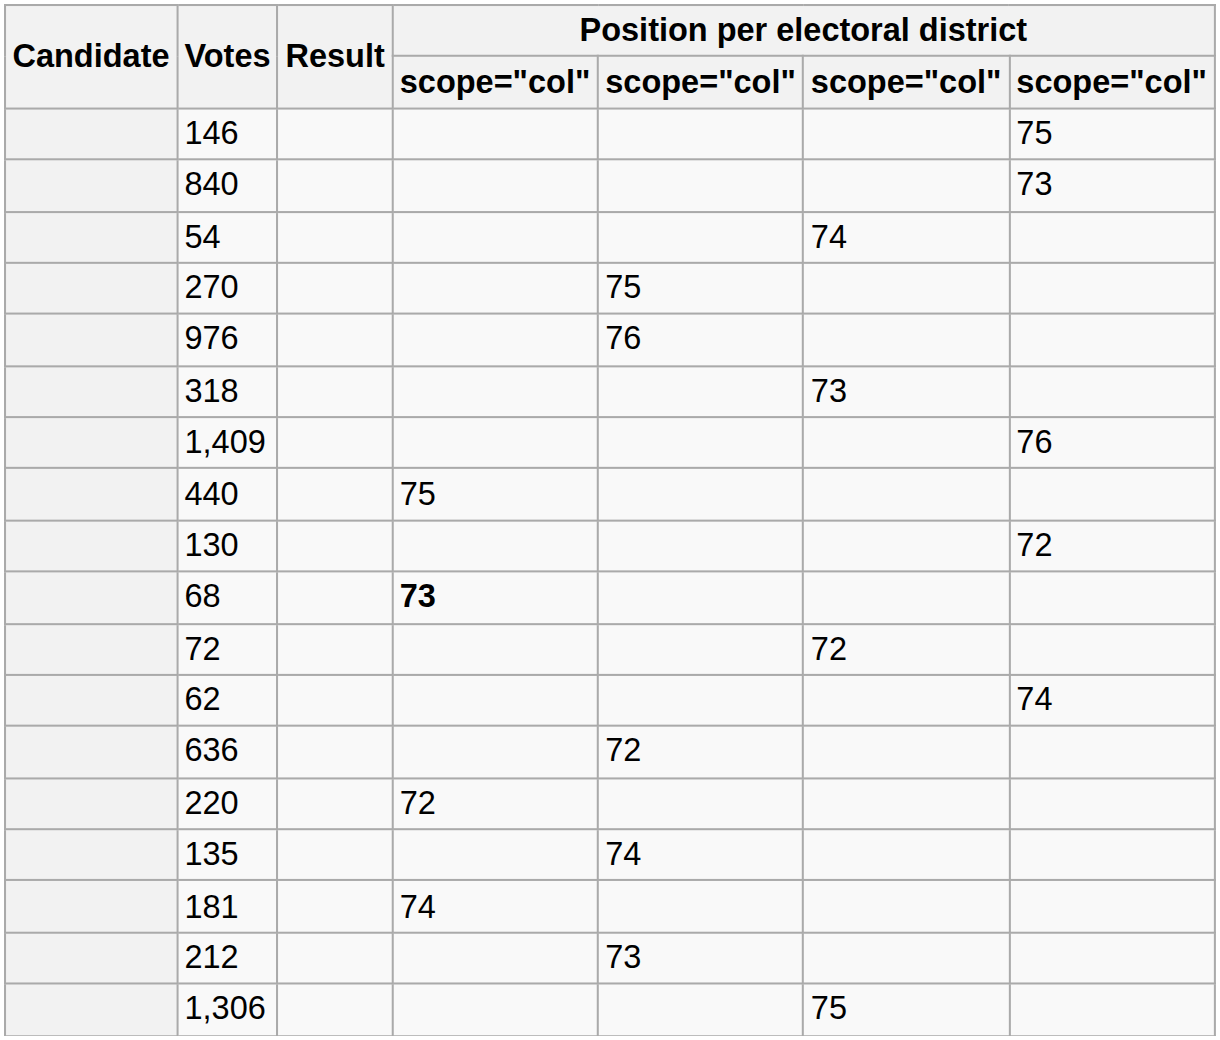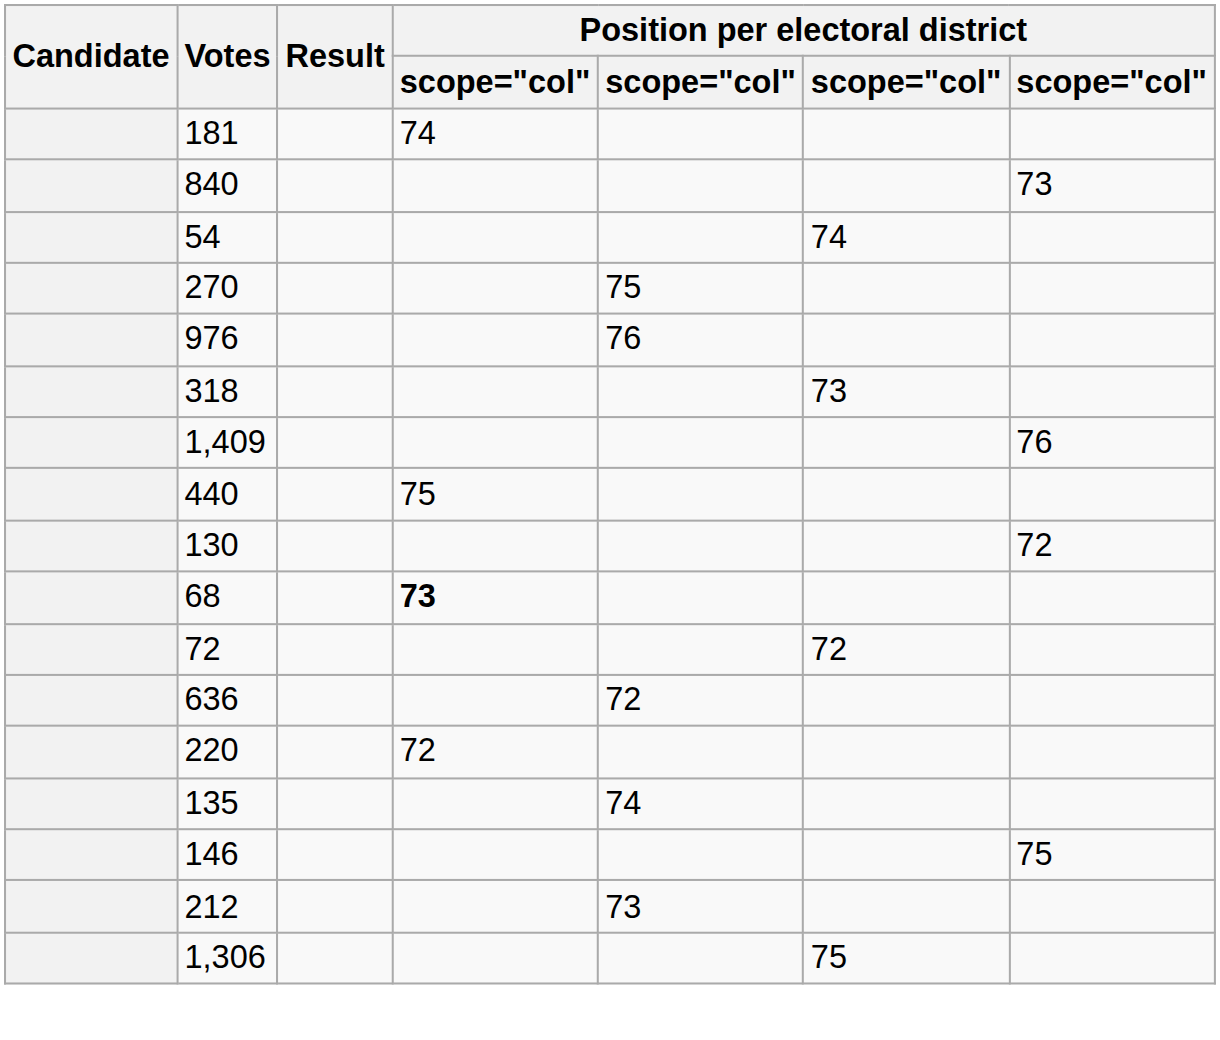 <table class="wikitable sortable defaultright col3left">
 <tr>
 <th scope="col" rowspan="2">Candidate</th>
 <th scope="col" rowspan="2">Votes</th>
 <th scope="col" rowspan="2">Result</th>
 <th scope="col" colspan="4">Position per electoral district</th>
 </tr>
 <tr>
 <th>scope="col" </th>
 <th>scope="col" </th>
 <th>scope="col" </th>
 <th>scope="col" </th>
 </tr>
 <tr>
 <th scope="row"></th>
-<td>146</td>
+<td>181</td>
+<td></td>
+<td>74</td>
 <td></td>
 <td></td>
 <td></td>
-<td></td>
-<td>75</td>
 </tr>
 <tr>
 <th scope="row"></th>
 <td>840</td>
 <td></td>
 <td></td>
 <td></td>
 <td></td>
 <td>73</td>
 </tr>
 <tr>
 <th scope="row"></th>
 <td>54</td>
 <td></td>
 <td></td>
 <td></td>
 <td>74</td>
 <td></td>
 </tr>
 <tr>
 <th scope="row"></th>
 <td>270</td>
 <td></td>
 <td></td>
 <td>75</td>
 <td></td>
 <td></td>
 </tr>
 <tr>
 <th scope="row"></th>
 <td>976</td>
 <td></td>
 <td></td>
 <td>76</td>
 <td></td>
 <td></td>
 </tr>
 <tr>
 <th scope="row"></th>
 <td>318</td>
 <td></td>
 <td></td>
 <td></td>
 <td>73</td>
 <td></td>
 </tr>
 <tr>
 <th scope="row"></th>
 <td>1,409</td>
 <td></td>
 <td></td>
 <td></td>
 <td></td>
 <td>76</td>
 </tr>
 <tr>
 <th scope="row"></th>
 <td>440</td>
 <td></td>
 <td>75</td>
 <td></td>
 <td></td>
 <td></td>
 </tr>
 <tr>
 <th scope="row"></th>
 <td>130</td>
 <td></td>
 <td></td>
 <td></td>
 <td></td>
 <td>72</td>
 </tr>
 <tr>
 <th scope="row"></th>
 <td>68</td>
 <td></td>
 <td><strong>73</strong></td>
 <td></td>
 <td></td>
 <td></td>
 </tr>
 <tr>
 <th scope="row"></th>
 <td>72</td>
 <td></td>
 <td></td>
 <td></td>
 <td>72</td>
 <td></td>
 </tr>
 <tr>
 <th scope="row"></th>
-<td>62</td>
-<td></td>
-<td></td>
-<td></td>
-<td></td>
-<td>74</td>
-</tr>
-<tr>
-<th scope="row"></th>
 <td>636</td>
 <td></td>
 <td></td>
 <td>72</td>
 <td></td>
 <td></td>
 </tr>
 <tr>
 <th scope="row"></th>
 <td>220</td>
 <td></td>
 <td>72</td>
 <td></td>
 <td></td>
 <td></td>
 </tr>
 <tr>
 <th scope="row"></th>
 <td>135</td>
 <td></td>
 <td></td>
 <td>74</td>
 <td></td>
 <td></td>
 </tr>
 <tr>
 <th scope="row"></th>
-<td>181</td>
-<td></td>
-<td>74</td>
+<td>146</td>
 <td></td>
 <td></td>
 <td></td>
+<td></td>
+<td>75</td>
 </tr>
 <tr>
 <th scope="row"></th>
 <td>212</td>
 <td></td>
 <td></td>
 <td>73</td>
 <td></td>
 <td></td>
 </tr>
 <tr>
 <th scope="row"></th>
 <td>1,306</td>
 <td></td>
 <td></td>
 <td></td>
 <td>75</td>
 <td></td>
 </tr>
 </table>
